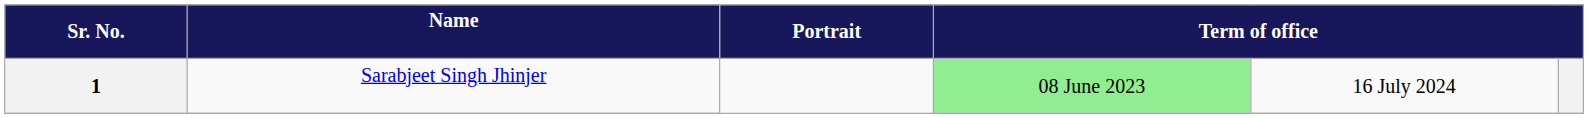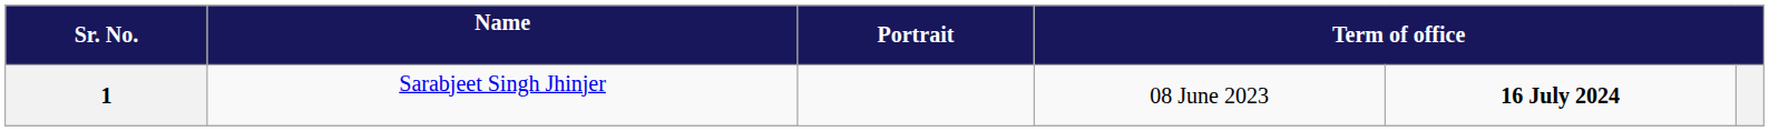 <table class="wikitable" style="width:100%; text-align:center">
 <tr>
 <th style="background-color:#18175b;color:white">Sr. No.</th>
 <th style="background-color:#18175b;color:white">Name<br><br></th>
 <th style="background-color:#18175b;color:white">Portrait</th>
 <th style="background-color:#18175b;color:white" colspan=3>Term of office</th>
 </tr>
 <tr>
 <th>1</th>
 <td><a href='#'>Sarabjeet Singh Jhinjer</a><br><br></td>
 <td rowspan="3"></td>
-<td style="background: lightgreen;">08 June 2023</td>
-<td>16 July 2024</td>
+<td>08 June 2023</td>
+<td><strong>16 July 2024</strong></td>
 <th></th>
 </tr>
 <tr>
 </tr>
 </table>
